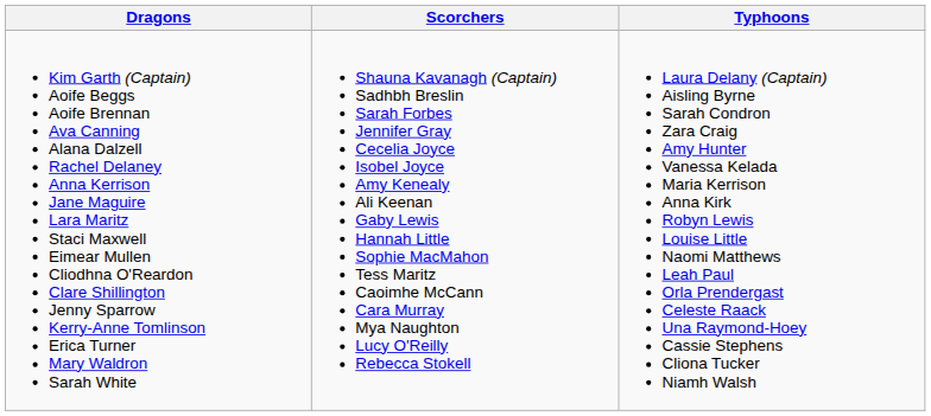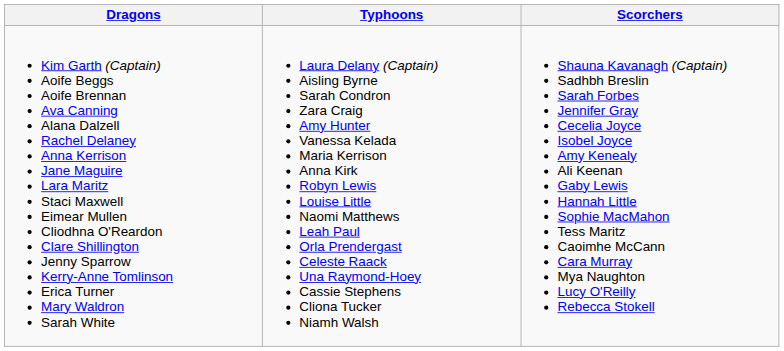 <table class="wikitable">
 <tr>
 <th width=300><a href='#'>Dragons</a></th>
+<th width=300><a href='#'>Typhoons</a></th>
 <th width=300><a href='#'>Scorchers</a></th>
-<th width=300><a href='#'>Typhoons</a></th>
 </tr>
 <tr>
 <td valign=top><br><ul><li><a href='#'>Kim Garth</a> <em>(Captain)</em></li><li>Aoife Beggs</li><li>Aoife Brennan</li><li><a href='#'>Ava Canning</a></li><li>Alana Dalzell</li><li><a href='#'>Rachel Delaney</a></li><li><a href='#'>Anna Kerrison</a></li><li><a href='#'>Jane Maguire</a></li><li><a href='#'>Lara Maritz</a></li><li>Staci Maxwell</li><li>Eimear Mullen</li><li>Cliodhna O'Reardon</li><li><a href='#'>Clare Shillington</a></li><li>Jenny Sparrow</li><li><a href='#'>Kerry-Anne Tomlinson</a></li><li>Erica Turner</li><li><a href='#'>Mary Waldron</a></li><li>Sarah White</li></ul></td>
+<td valign=top><br><ul><li><a href='#'>Laura Delany</a> <em>(Captain)</em></li><li>Aisling Byrne</li><li>Sarah Condron</li><li>Zara Craig</li><li><a href='#'>Amy Hunter</a></li><li>Vanessa Kelada</li><li>Maria Kerrison</li><li>Anna Kirk</li><li><a href='#'>Robyn Lewis</a></li><li><a href='#'>Louise Little</a></li><li>Naomi Matthews</li><li><a href='#'>Leah Paul</a></li><li><a href='#'>Orla Prendergast</a></li><li><a href='#'>Celeste Raack</a></li><li><a href='#'>Una Raymond-Hoey</a></li><li>Cassie Stephens</li><li>Cliona Tucker</li><li>Niamh Walsh</li></ul></td>
 <td valign=top><br><ul><li><a href='#'>Shauna Kavanagh</a> <em>(Captain)</em></li><li>Sadhbh Breslin</li><li><a href='#'>Sarah Forbes</a></li><li><a href='#'>Jennifer Gray</a></li><li><a href='#'>Cecelia Joyce</a></li><li><a href='#'>Isobel Joyce</a></li><li><a href='#'>Amy Kenealy</a></li><li>Ali Keenan</li><li><a href='#'>Gaby Lewis</a></li><li><a href='#'>Hannah Little</a></li><li><a href='#'>Sophie MacMahon</a></li><li>Tess Maritz</li><li>Caoimhe McCann</li><li><a href='#'>Cara Murray</a></li><li>Mya Naughton</li><li><a href='#'>Lucy O'Reilly</a></li><li><a href='#'>Rebecca Stokell</a></li></ul></td>
-<td valign=top><br><ul><li><a href='#'>Laura Delany</a> <em>(Captain)</em></li><li>Aisling Byrne</li><li>Sarah Condron</li><li>Zara Craig</li><li><a href='#'>Amy Hunter</a></li><li>Vanessa Kelada</li><li>Maria Kerrison</li><li>Anna Kirk</li><li><a href='#'>Robyn Lewis</a></li><li><a href='#'>Louise Little</a></li><li>Naomi Matthews</li><li><a href='#'>Leah Paul</a></li><li><a href='#'>Orla Prendergast</a></li><li><a href='#'>Celeste Raack</a></li><li><a href='#'>Una Raymond-Hoey</a></li><li>Cassie Stephens</li><li>Cliona Tucker</li><li>Niamh Walsh</li></ul></td>
 </tr>
 </table>
